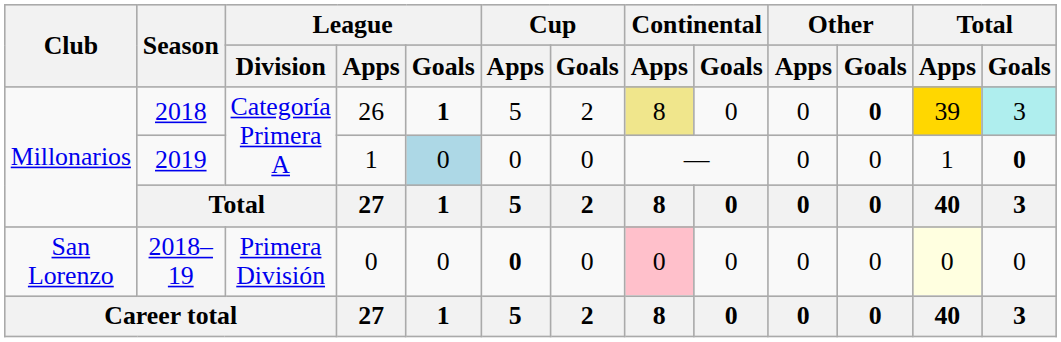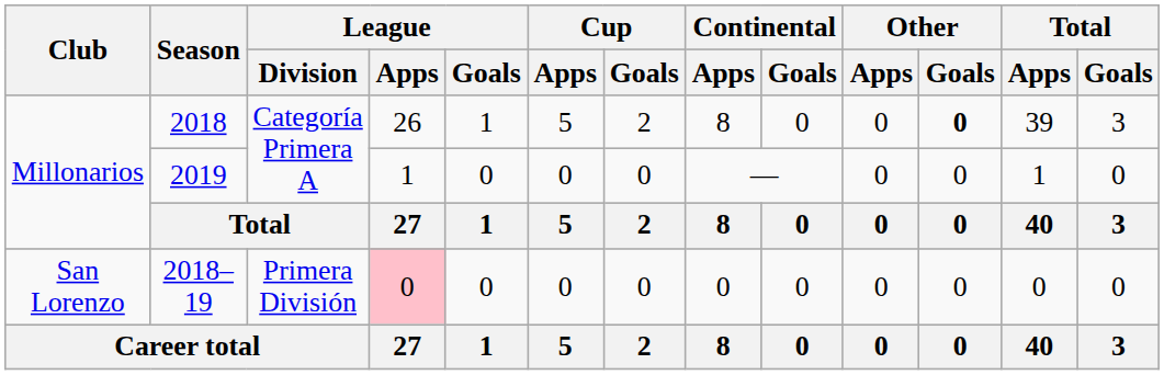 <table class="wikitable" style="text-align:center">
 <tr>
 <th rowspan="2">Club</th>
 <th rowspan="2">Season</th>
 <th colspan="3">League</th>
 <th colspan="2">Cup</th>
 <th colspan="2">Continental</th>
 <th colspan="2">Other</th>
 <th colspan="2">Total</th>
 </tr>
 <tr>
 <th>Division</th>
 <th>Apps</th>
 <th>Goals</th>
 <th>Apps</th>
 <th>Goals</th>
 <th>Apps</th>
 <th>Goals</th>
 <th>Apps</th>
 <th>Goals</th>
 <th>Apps</th>
 <th>Goals</th>
 </tr>
 <tr>
 <td rowspan="3"><a href='#'>Millonarios</a></td>
 <td><a href='#'>2018</a></td>
 <td rowspan="2"><a href='#'>Categoría Primera A</a></td>
 <td>26</td>
-<td><strong>1</strong></td>
+<td>1</td>
 <td>5</td>
 <td>2</td>
-<td style="background: khaki;">8</td>
+<td>8</td>
 <td>0</td>
 <td>0</td>
 <td><strong>0</strong></td>
-<td style="background: gold;">39</td>
-<td style="background: paleturquoise;">3</td>
+<td>39</td>
+<td>3</td>
 </tr>
 <tr>
 <td><a href='#'>2019</a></td>
 <td>1</td>
-<td style="background: lightblue;">0</td>
+<td>0</td>
 <td>0</td>
 <td>0</td>
 <td colspan="2">—</td>
 <td>0</td>
 <td>0</td>
 <td>1</td>
-<td><strong>0</strong></td>
+<td>0</td>
 </tr>
 <tr>
 <th colspan="2">Total</th>
 <th>27</th>
 <th>1</th>
 <th>5</th>
 <th>2</th>
 <th>8</th>
 <th>0</th>
 <th>0</th>
 <th>0</th>
 <th>40</th>
 <th>3</th>
 </tr>
 <tr>
 <td><a href='#'>San Lorenzo</a></td>
 <td><a href='#'>2018–19</a></td>
 <td><a href='#'>Primera División</a></td>
-<td>0</td>
-<td>0</td>
-<td><strong>0</strong></td>
-<td>0</td>
 <td style="background: pink;">0</td>
 <td>0</td>
 <td>0</td>
 <td>0</td>
-<td style="background: lightyellow;">0</td>
+<td>0</td>
+<td>0</td>
+<td>0</td>
+<td>0</td>
+<td>0</td>
 <td>0</td>
 </tr>
 <tr>
 <th colspan="3">Career total</th>
 <th>27</th>
 <th>1</th>
 <th>5</th>
 <th>2</th>
 <th>8</th>
 <th>0</th>
 <th>0</th>
 <th>0</th>
 <th>40</th>
 <th>3</th>
 </tr>
 </table>
